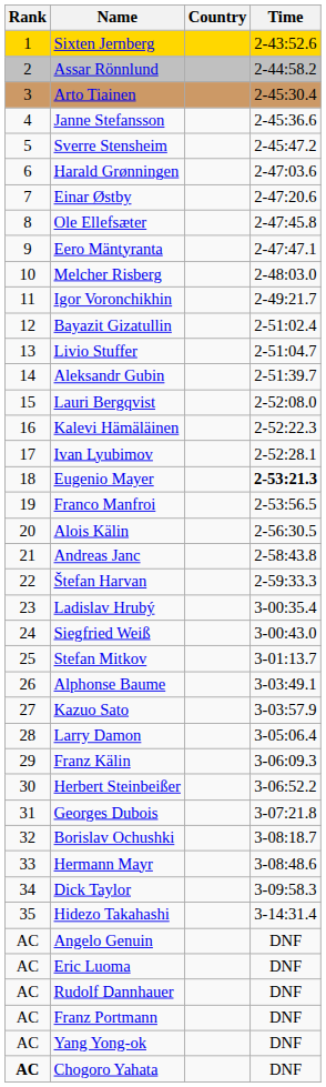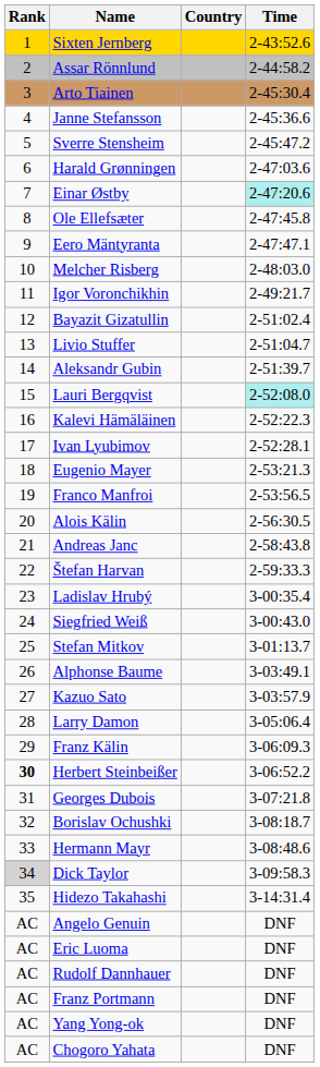 <table class="wikitable sortable" style="text-align:center">
 <tr>
 <th>Rank</th>
 <th>Name</th>
 <th>Country</th>
 <th>Time</th>
 </tr>
 <tr bgcolor=gold>
 <td>1</td>
 <td align="left"><a href='#'>Sixten Jernberg</a></td>
 <td align="left"></td>
 <td>2-43:52.6</td>
 </tr>
 <tr bgcolor=silver>
 <td>2</td>
 <td align="left"><a href='#'>Assar Rönnlund</a></td>
 <td align="left"></td>
 <td>2-44:58.2</td>
 </tr>
 <tr bgcolor=#CC9966>
 <td>3</td>
 <td align="left"><a href='#'>Arto Tiainen</a></td>
 <td align="left"></td>
 <td>2-45:30.4</td>
 </tr>
 <tr>
 <td>4</td>
 <td align="left"><a href='#'>Janne Stefansson</a></td>
 <td align="left"></td>
 <td>2-45:36.6</td>
 </tr>
 <tr>
 <td>5</td>
 <td align="left"><a href='#'>Sverre Stensheim</a></td>
 <td align="left"></td>
 <td>2-45:47.2</td>
 </tr>
 <tr>
 <td>6</td>
 <td align="left"><a href='#'>Harald Grønningen</a></td>
 <td align="left"></td>
 <td>2-47:03.6</td>
 </tr>
 <tr>
 <td>7</td>
 <td align="left"><a href='#'>Einar Østby</a></td>
 <td align="left"></td>
-<td>2-47:20.6</td>
+<td style="background: paleturquoise;">2-47:20.6</td>
 </tr>
 <tr>
 <td>8</td>
 <td align="left"><a href='#'>Ole Ellefsæter</a></td>
 <td align="left"></td>
 <td>2-47:45.8</td>
 </tr>
 <tr>
 <td>9</td>
 <td align="left"><a href='#'>Eero Mäntyranta</a></td>
 <td align="left"></td>
 <td>2-47:47.1</td>
 </tr>
 <tr>
 <td>10</td>
 <td align="left"><a href='#'>Melcher Risberg</a></td>
 <td align="left"></td>
 <td>2-48:03.0</td>
 </tr>
 <tr>
 <td>11</td>
 <td align="left"><a href='#'>Igor Voronchikhin</a></td>
 <td align="left"></td>
 <td>2-49:21.7</td>
 </tr>
 <tr>
 <td>12</td>
 <td align="left"><a href='#'>Bayazit Gizatullin</a></td>
 <td align="left"></td>
 <td>2-51:02.4</td>
 </tr>
 <tr>
 <td>13</td>
 <td align="left"><a href='#'>Livio Stuffer</a></td>
 <td align="left"></td>
 <td>2-51:04.7</td>
 </tr>
 <tr>
 <td>14</td>
 <td align="left"><a href='#'>Aleksandr Gubin</a></td>
 <td align="left"></td>
 <td>2-51:39.7</td>
 </tr>
 <tr>
 <td>15</td>
 <td align="left"><a href='#'>Lauri Bergqvist</a></td>
 <td align="left"></td>
-<td>2-52:08.0</td>
+<td style="background: paleturquoise;">2-52:08.0</td>
 </tr>
 <tr>
 <td>16</td>
 <td align="left"><a href='#'>Kalevi Hämäläinen</a></td>
 <td align="left"></td>
 <td>2-52:22.3</td>
 </tr>
 <tr>
 <td>17</td>
 <td align="left"><a href='#'>Ivan Lyubimov</a></td>
 <td align="left"></td>
 <td>2-52:28.1</td>
 </tr>
 <tr>
 <td>18</td>
 <td align="left"><a href='#'>Eugenio Mayer</a></td>
 <td align="left"></td>
-<td><strong>2-53:21.3</strong></td>
+<td>2-53:21.3</td>
 </tr>
 <tr>
 <td>19</td>
 <td align="left"><a href='#'>Franco Manfroi</a></td>
 <td align="left"></td>
 <td>2-53:56.5</td>
 </tr>
 <tr>
 <td>20</td>
 <td align="left"><a href='#'>Alois Kälin</a></td>
 <td align="left"></td>
 <td>2-56:30.5</td>
 </tr>
 <tr>
 <td>21</td>
 <td align="left"><a href='#'>Andreas Janc</a></td>
 <td align="left"></td>
 <td>2-58:43.8</td>
 </tr>
 <tr>
 <td>22</td>
 <td align="left"><a href='#'>Štefan Harvan</a></td>
 <td align="left"></td>
 <td>2-59:33.3</td>
 </tr>
 <tr>
 <td>23</td>
 <td align="left"><a href='#'>Ladislav Hrubý</a></td>
 <td align="left"></td>
 <td>3-00:35.4</td>
 </tr>
 <tr>
 <td>24</td>
 <td align="left"><a href='#'>Siegfried Weiß</a></td>
 <td align="left"></td>
 <td>3-00:43.0</td>
 </tr>
 <tr>
 <td>25</td>
 <td align="left"><a href='#'>Stefan Mitkov</a></td>
 <td align="left"></td>
 <td>3-01:13.7</td>
 </tr>
 <tr>
 <td>26</td>
 <td align="left"><a href='#'>Alphonse Baume</a></td>
 <td align="left"></td>
 <td>3-03:49.1</td>
 </tr>
 <tr>
 <td>27</td>
 <td align="left"><a href='#'>Kazuo Sato</a></td>
 <td align="left"></td>
 <td>3-03:57.9</td>
 </tr>
 <tr>
 <td>28</td>
 <td align="left"><a href='#'>Larry Damon</a></td>
 <td align="left"></td>
 <td>3-05:06.4</td>
 </tr>
 <tr>
 <td>29</td>
 <td align="left"><a href='#'>Franz Kälin</a></td>
 <td align="left"></td>
 <td>3-06:09.3</td>
 </tr>
 <tr>
-<td>30</td>
+<td><strong>30</strong></td>
 <td align="left"><a href='#'>Herbert Steinbeißer</a></td>
 <td align="left"></td>
 <td>3-06:52.2</td>
 </tr>
 <tr>
 <td>31</td>
 <td align="left"><a href='#'>Georges Dubois</a></td>
 <td align="left"></td>
 <td>3-07:21.8</td>
 </tr>
 <tr>
 <td>32</td>
 <td align="left"><a href='#'>Borislav Ochushki</a></td>
 <td align="left"></td>
 <td>3-08:18.7</td>
 </tr>
 <tr>
 <td>33</td>
 <td align="left"><a href='#'>Hermann Mayr</a></td>
 <td align="left"></td>
 <td>3-08:48.6</td>
 </tr>
 <tr>
-<td>34</td>
+<td style="background: lightgrey;">34</td>
 <td align="left"><a href='#'>Dick Taylor</a></td>
 <td align="left"></td>
 <td>3-09:58.3</td>
 </tr>
 <tr>
 <td>35</td>
 <td align="left"><a href='#'>Hidezo Takahashi</a></td>
 <td align="left"></td>
 <td>3-14:31.4</td>
 </tr>
 <tr>
 <td>AC</td>
 <td align="left"><a href='#'>Angelo Genuin</a></td>
 <td align="left"></td>
 <td>DNF</td>
 </tr>
 <tr>
 <td>AC</td>
 <td align="left"><a href='#'>Eric Luoma</a></td>
 <td align="left"></td>
 <td>DNF</td>
 </tr>
 <tr>
 <td>AC</td>
 <td align="left"><a href='#'>Rudolf Dannhauer</a></td>
 <td align="left"></td>
 <td>DNF</td>
 </tr>
 <tr>
 <td>AC</td>
 <td align="left"><a href='#'>Franz Portmann</a></td>
 <td align="left"></td>
 <td>DNF</td>
 </tr>
 <tr>
 <td>AC</td>
 <td align="left"><a href='#'>Yang Yong-ok</a></td>
 <td align="left"></td>
 <td>DNF</td>
 </tr>
 <tr>
-<td><strong>AC</strong></td>
+<td>AC</td>
 <td align="left"><a href='#'>Chogoro Yahata</a></td>
 <td align="left"></td>
 <td>DNF</td>
 </tr>
 </table>
